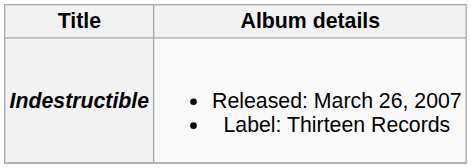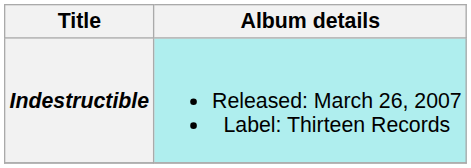 <table class="wikitable plainrowheaders" style="text-align:center;">
 <tr>
 <th rowspan="1">Title</th>
 <th rowspan="1">Album details</th>
 </tr>
 <tr>
 <th scope="row"><em>Indestructible</em></th>
-<td><br><ul><li>Released: March 26, 2007</li><li>Label: Thirteen Records</li></ul></td>
+<td style="background: paleturquoise;"><br><ul><li>Released: March 26, 2007</li><li>Label: Thirteen Records</li></ul></td>
 </tr>
 <tr>
 </tr>
 </table>
